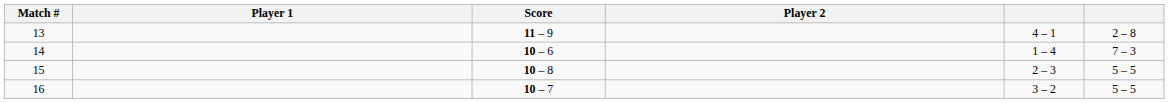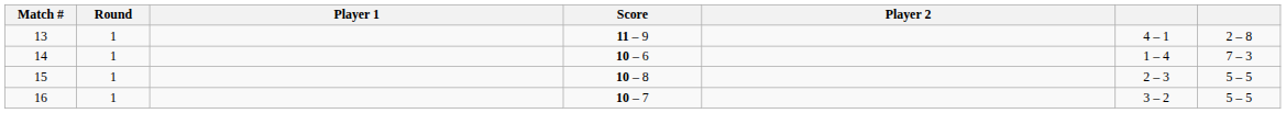 <table class="wikitable">
 <tr>
 <th width="2%">Match #</th>
+<th width="2%">Round</th>
 <th width="15%">Player 1</th>
 <th width="5%">Score</th>
 <th width="15%">Player 2</th>
 <th width="3%"></th>
 <th width="3%"></th>
 </tr>
 <tr style=text-align:center;"background:#;">
 <td>13</td>
+<td>1</td>
 <td></td>
 <td><strong>11</strong> – 9</td>
 <td></td>
 <td>4 – 1</td>
 <td>2 – 8</td>
 </tr>
 <tr style=text-align:center;"background:#;">
 <td>14</td>
+<td>1</td>
 <td></td>
 <td><strong>10</strong> – 6</td>
 <td></td>
 <td>1 – 4</td>
 <td>7 – 3</td>
 </tr>
 <tr style=text-align:center;"background:#;">
 <td>15</td>
+<td>1</td>
 <td></td>
 <td><strong>10</strong> – 8</td>
 <td></td>
 <td>2 – 3</td>
 <td>5 – 5</td>
 </tr>
 <tr style=text-align:center;"background:#;">
 <td>16</td>
+<td>1</td>
 <td></td>
 <td><strong>10</strong> – 7</td>
 <td></td>
 <td>3 – 2</td>
 <td>5 – 5</td>
 </tr>
 </table>
